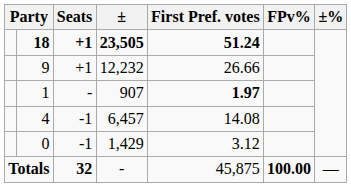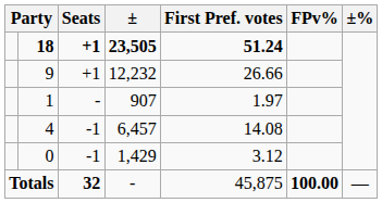 <table class=wikitable>
 <tr>
 <th colspan=2 align=center>Party</th>
 <th valign=top>Seats</th>
 <th valign=top>±</th>
 <th valign=top>First Pref. votes</th>
 <th valign=top>FPv%</th>
 <th valign=top>±%</th>
 </tr>
 <tr>
 <td></td>
 <td align=right><strong>18</strong></td>
 <td align=right><strong>+1</strong></td>
 <td align=right><strong>23,505</strong></td>
 <td align=right><strong>51.24</strong></td>
 <td align=right></td>
 </tr>
 <tr>
 <td></td>
 <td align=right>9</td>
 <td align=right>+1</td>
 <td align=right>12,232</td>
 <td align=right>26.66</td>
 <td align=right></td>
 </tr>
 <tr>
 <td></td>
 <td align=right>1</td>
 <td align=right>-</td>
 <td align=right>907</td>
-<td align=right><strong>1.97</strong></td>
+<td align=right>1.97</td>
 <td align=right></td>
 </tr>
 <tr>
 <td></td>
 <td align=right>4</td>
 <td align=right>-1</td>
 <td align=right>6,457</td>
 <td align=right>14.08</td>
 <td align=right></td>
 </tr>
 <tr>
 <td></td>
 <td align=right>0</td>
 <td align=right>-1</td>
 <td align=right>1,429</td>
 <td align=right>3.12</td>
 <td align=right></td>
 </tr>
 <tr>
 <td colspan=2 align=center><strong>Totals</strong></td>
 <td align=right><strong>32</strong></td>
 <td align=center>-</td>
 <td align=right>45,875</td>
 <td align=center><strong>100.00</strong></td>
 <td align=center>—</td>
 </tr>
 </table>
